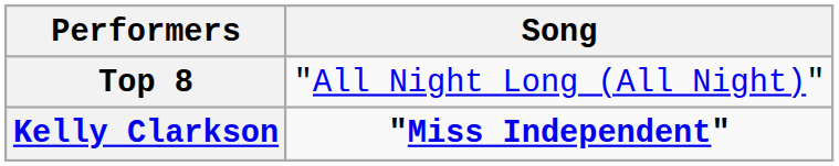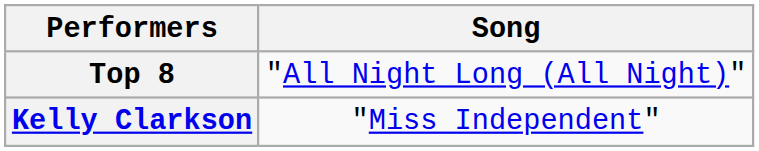 <table class="wikitable unsortable" style="text-align:center;">
 <tr>
 <th scope="col">Performers</th>
 <th scope="col">Song</th>
 </tr>
 <tr>
 <th scope="row">Top 8</th>
 <td>"<a href='#'>All Night Long (All Night)</a>"</td>
 </tr>
 <tr>
 <th scope="row"><a href='#'>Kelly Clarkson</a></th>
-<td><strong>"<a href='#'>Miss Independent</a>"</strong></td>
+<td>"<a href='#'>Miss Independent</a>"</td>
 </tr>
 </table>
